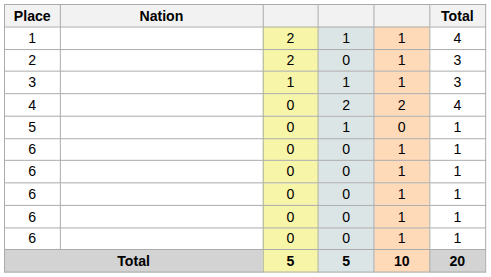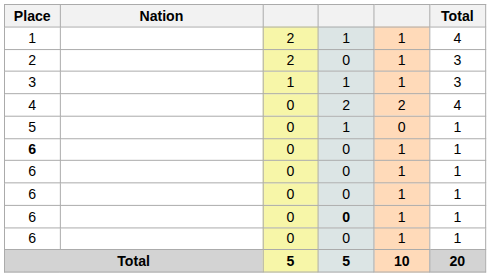 <table class=wikitable style="border:1px solid #AAAAAA;font-size:90%">
 <tr bgcolor="#EFEFEF">
 <th width=50>Place</th>
 <th width=200>Nation</th>
 <th width=50></th>
 <th width=50></th>
 <th width=50></th>
 <th width=50>Total</th>
 </tr>
 <tr align="center" valign="top" bgcolor="#FFFFFF">
 <td>1</td>
 <td align="left"></td>
 <td style="background:#F7F6A8;">2</td>
 <td style="background:#DCE5E5;">1</td>
 <td style="background:#FFDAB9;">1</td>
 <td>4</td>
 </tr>
 <tr align="center" valign="top" bgcolor="#FFFFFF">
 <td>2</td>
 <td align="left"></td>
 <td style="background:#F7F6A8;">2</td>
 <td style="background:#DCE5E5;">0</td>
 <td style="background:#FFDAB9;">1</td>
 <td>3</td>
 </tr>
 <tr align="center" valign="top" bgcolor="#FFFFFF">
 <td>3</td>
 <td align="left"></td>
 <td style="background:#F7F6A8;">1</td>
 <td style="background:#DCE5E5;">1</td>
 <td style="background:#FFDAB9;">1</td>
 <td>3</td>
 </tr>
 <tr align="center" valign="top" bgcolor="#FFFFFF">
 <td>4</td>
 <td align="left"></td>
 <td style="background:#F7F6A8;">0</td>
 <td style="background:#DCE5E5;">2</td>
 <td style="background:#FFDAB9;">2</td>
 <td>4</td>
 </tr>
 <tr align="center" valign="top" bgcolor="#FFFFFF">
 <td>5</td>
 <td align="left"></td>
 <td style="background:#F7F6A8;">0</td>
 <td style="background:#DCE5E5;">1</td>
 <td style="background:#FFDAB9;">0</td>
 <td>1</td>
 </tr>
 <tr align="center" valign="top" bgcolor="#FFFFFF">
-<td>6</td>
+<td><strong>6</strong></td>
 <td align="left"></td>
 <td style="background:#F7F6A8;">0</td>
 <td style="background:#DCE5E5;">0</td>
 <td style="background:#FFDAB9;">1</td>
 <td>1</td>
 </tr>
 <tr align="center" valign="top" bgcolor="#FFFFFF">
 <td>6</td>
 <td align="left"></td>
 <td style="background:#F7F6A8;">0</td>
 <td style="background:#DCE5E5;">0</td>
 <td style="background:#FFDAB9;">1</td>
 <td>1</td>
 </tr>
 <tr align="center" valign="top" bgcolor="#FFFFFF">
 <td>6</td>
 <td align="left"></td>
 <td style="background:#F7F6A8;">0</td>
 <td style="background:#DCE5E5;">0</td>
 <td style="background:#FFDAB9;">1</td>
 <td>1</td>
 </tr>
 <tr align="center" valign="top" bgcolor="#FFFFFF">
 <td>6</td>
 <td align="left"></td>
 <td style="background:#F7F6A8;">0</td>
-<td style="background:#DCE5E5;">0</td>
+<td style="background:#DCE5E5;"><strong>0</strong></td>
 <td style="background:#FFDAB9;">1</td>
 <td>1</td>
 </tr>
 <tr align="center" valign="top" bgcolor="#FFFFFF">
 <td>6</td>
 <td align="left"></td>
 <td style="background:#F7F6A8;">0</td>
 <td style="background:#DCE5E5;">0</td>
 <td style="background:#FFDAB9;">1</td>
 <td>1</td>
 </tr>
 <tr align="center">
 <td colspan="2" bgcolor=D3D3D3><strong>Total</strong></td>
 <td style="background:#F7F6A8;"><strong>5</strong></td>
 <td style="background:#DCE5E5;"><strong>5</strong></td>
 <td style="background:#FFDAB9;"><strong>10</strong></td>
 <td bgcolor=D3D3D3><strong>20</strong></td>
 </tr>
 </table>
